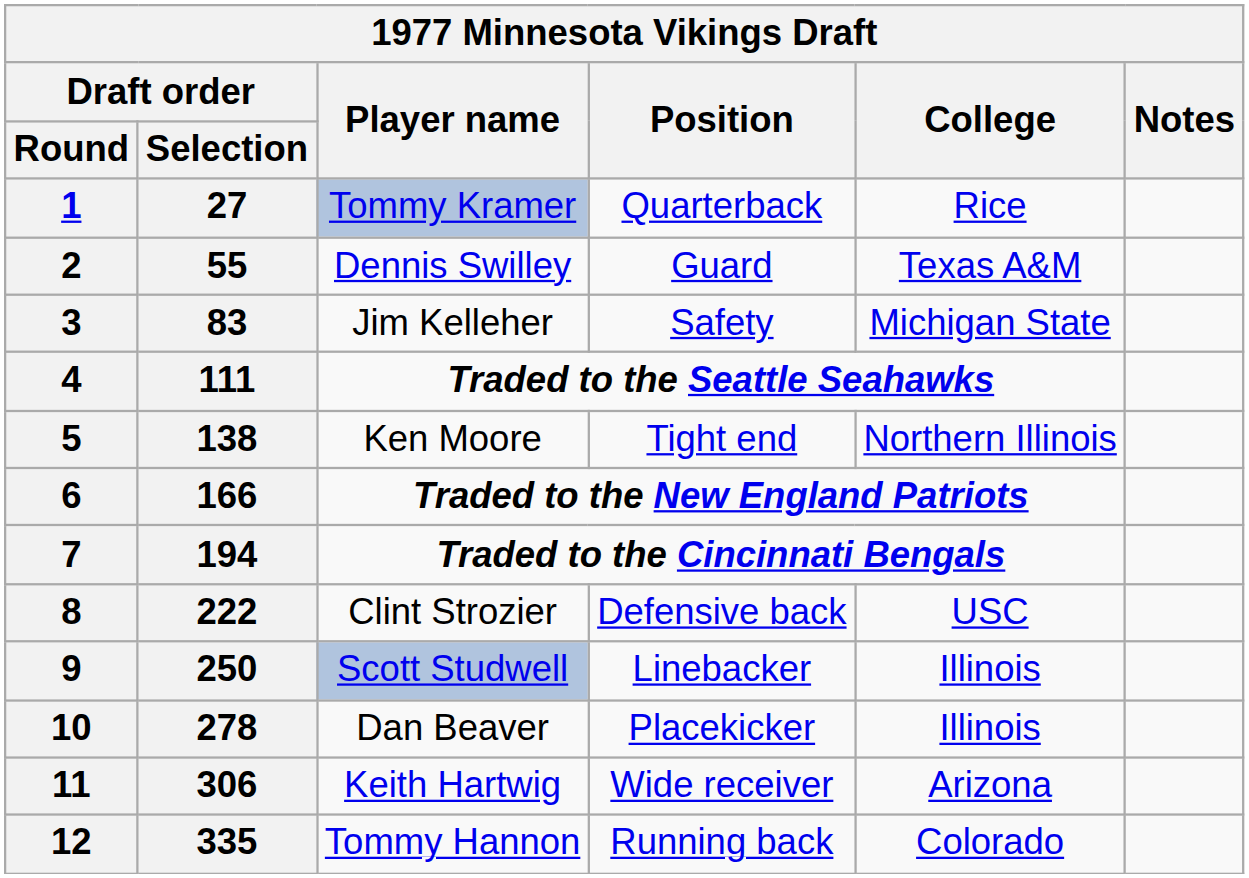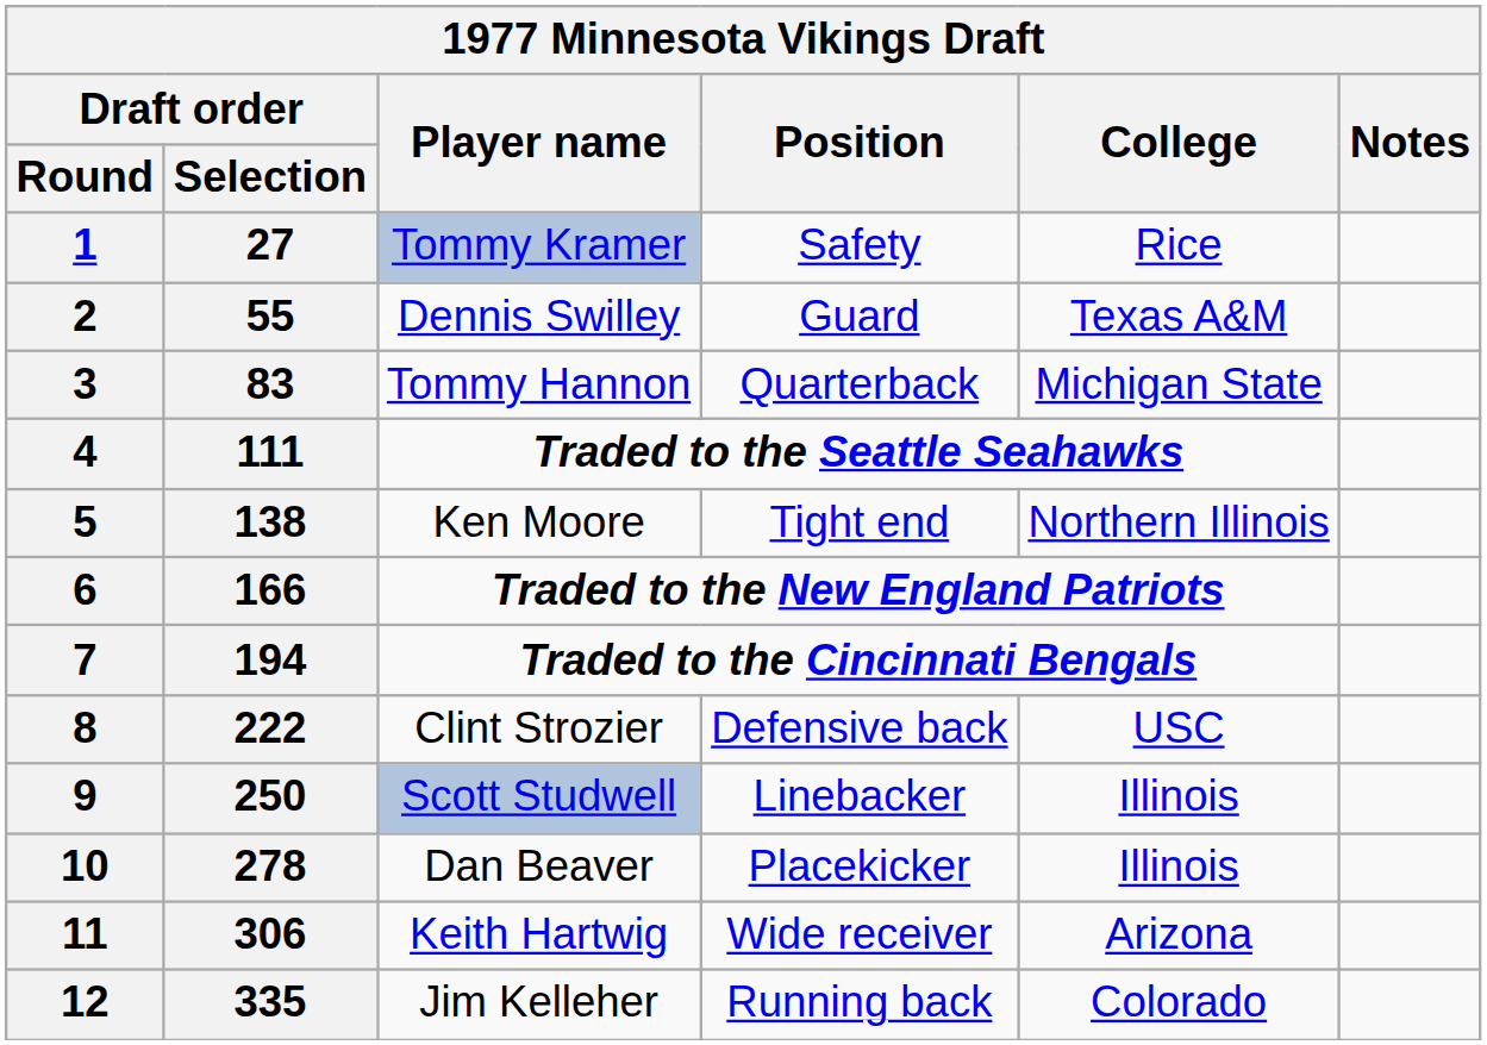 <table class="wikitable" style="text-align:center">
 <tr>
 <th colspan="6">1977 Minnesota Vikings Draft</th>
 </tr>
 <tr>
 <th colspan="2">Draft order</th>
 <th rowspan="2">Player name</th>
 <th rowspan="2">Position</th>
 <th rowspan="2">College</th>
 <th rowspan="2">Notes</th>
 </tr>
 <tr>
 <th>Round</th>
 <th>Selection</th>
 </tr>
 <tr>
 <th><a href='#'>1</a></th>
 <th>27</th>
 <td bgcolor=lightsteelblue><a href='#'>Tommy Kramer</a></td>
-<td><a href='#'>Quarterback</a></td>
+<td><a href='#'>Safety</a></td>
 <td><a href='#'>Rice</a></td>
 <td></td>
 </tr>
 <tr>
 <th>2</th>
 <th>55</th>
 <td><a href='#'>Dennis Swilley</a></td>
 <td><a href='#'>Guard</a></td>
 <td><a href='#'>Texas A&M</a></td>
 <td></td>
 </tr>
 <tr>
 <th>3</th>
 <th>83</th>
-<td>Jim Kelleher</td>
-<td><a href='#'>Safety</a></td>
+<td><a href='#'>Tommy Hannon</a></td>
+<td><a href='#'>Quarterback</a></td>
 <td><a href='#'>Michigan State</a></td>
 <td></td>
 </tr>
 <tr>
 <th>4</th>
 <th>111</th>
 <td colspan="3"><strong><em>Traded to the <a href='#'>Seattle Seahawks</a></em></strong></td>
 <td></td>
 </tr>
 <tr>
 <th>5</th>
 <th>138</th>
 <td>Ken Moore</td>
 <td><a href='#'>Tight end</a></td>
 <td><a href='#'>Northern Illinois</a></td>
 <td></td>
 </tr>
 <tr>
 <th>6</th>
 <th>166</th>
 <td colspan="3"><strong><em>Traded to the <a href='#'>New England Patriots</a></em></strong></td>
 <td></td>
 </tr>
 <tr>
 <th>7</th>
 <th>194</th>
 <td colspan="3"><strong><em>Traded to the <a href='#'>Cincinnati Bengals</a></em></strong></td>
 <td></td>
 </tr>
 <tr>
 <th>8</th>
 <th>222</th>
 <td>Clint Strozier</td>
 <td><a href='#'>Defensive back</a></td>
 <td><a href='#'>USC</a></td>
 <td></td>
 </tr>
 <tr>
 <th>9</th>
 <th>250</th>
 <td bgcolor=lightsteelblue><a href='#'>Scott Studwell</a></td>
 <td><a href='#'>Linebacker</a></td>
 <td><a href='#'>Illinois</a></td>
 <td></td>
 </tr>
 <tr>
 <th>10</th>
 <th>278</th>
 <td>Dan Beaver</td>
 <td><a href='#'>Placekicker</a></td>
 <td><a href='#'>Illinois</a></td>
 <td></td>
 </tr>
 <tr>
 <th>11</th>
 <th>306</th>
 <td><a href='#'>Keith Hartwig</a></td>
 <td><a href='#'>Wide receiver</a></td>
 <td><a href='#'>Arizona</a></td>
 <td></td>
 </tr>
 <tr>
 <th>12</th>
 <th>335</th>
-<td><a href='#'>Tommy Hannon</a></td>
+<td>Jim Kelleher</td>
 <td><a href='#'>Running back</a></td>
 <td><a href='#'>Colorado</a></td>
 <td></td>
 </tr>
 </table>
